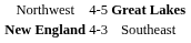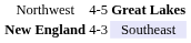 <table>
 <tr>
 <td align=center>Northwest</td>
 <td align=center>4-5</td>
 <td align=center><strong>Great Lakes</strong></td>
 </tr>
 <tr>
 <td align=center><strong>New England</strong></td>
 <td align=center>4-3</td>
-<td align=center>Southeast</td>
+<td align=center style="background: lavender;">Southeast</td>
 </tr>
 </table>
